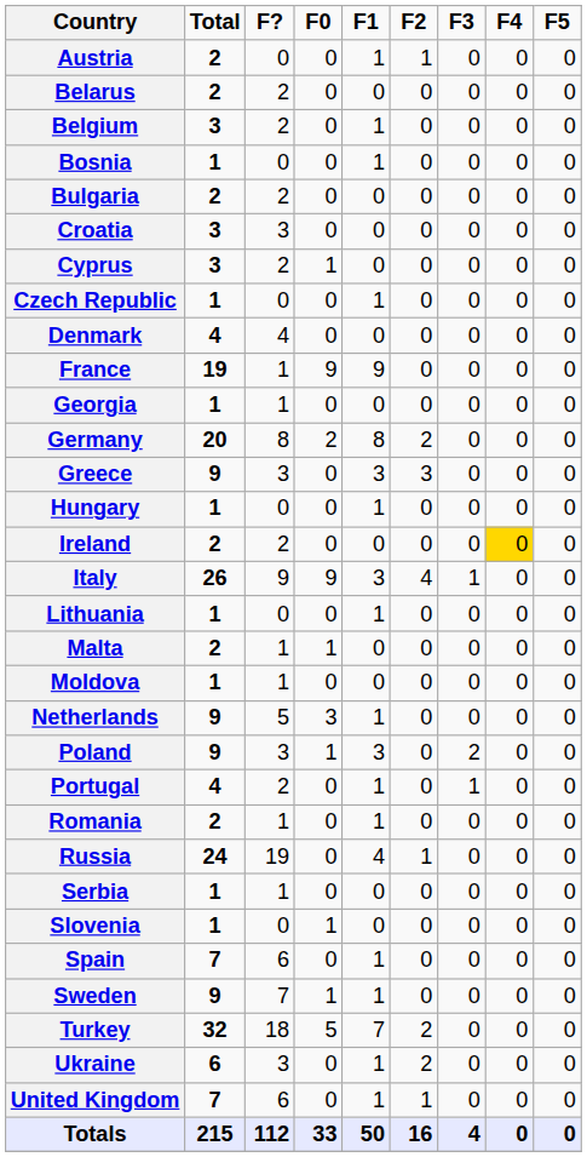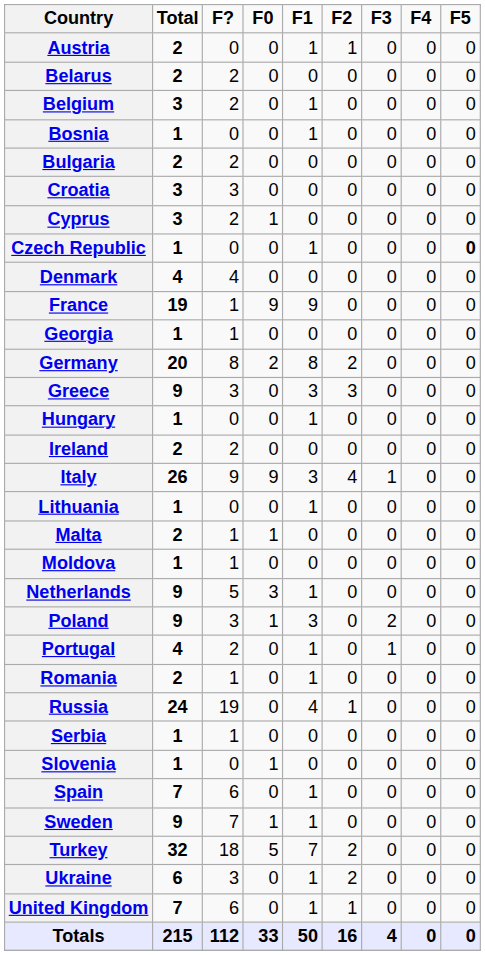 <table class="wikitable" align="center">
 <tr>
 <th><strong>Country</strong></th>
 <td><strong>Total</strong></td>
 <td><strong> F? </strong></td>
 <td><strong> F0 </strong></td>
 <td><strong> F1 </strong></td>
 <td><strong> F2 </strong></td>
 <td><strong> F3 </strong></td>
 <td><strong> F4 </strong></td>
 <td><strong> F5 </strong></td>
 </tr>
 <tr>
 <th><a href='#'>Austria</a></th>
 <td align="center"><strong>2</strong></td>
 <td align="right">0</td>
 <td align="right">0</td>
 <td align="right">1</td>
 <td align="right">1</td>
 <td align="right">0</td>
 <td align="right">0</td>
 <td align="right">0</td>
 </tr>
 <tr>
 <th><a href='#'>Belarus</a></th>
 <td align="center"><strong>2</strong></td>
 <td align="right">2</td>
 <td align="right">0</td>
 <td align="right">0</td>
 <td align="right">0</td>
 <td align="right">0</td>
 <td align="right">0</td>
 <td align="right">0</td>
 </tr>
 <tr>
 <th><a href='#'>Belgium</a></th>
 <td align="center"><strong>3</strong></td>
 <td align="right">2</td>
 <td align="right">0</td>
 <td align="right">1</td>
 <td align="right">0</td>
 <td align="right">0</td>
 <td align="right">0</td>
 <td align="right">0</td>
 </tr>
 <tr>
 <th><a href='#'>Bosnia</a></th>
 <td align="center"><strong>1</strong></td>
 <td align="right">0</td>
 <td align="right">0</td>
 <td align="right">1</td>
 <td align="right">0</td>
 <td align="right">0</td>
 <td align="right">0</td>
 <td align="right">0</td>
 </tr>
 <tr>
 <th><a href='#'>Bulgaria</a></th>
 <td align="center"><strong>2</strong></td>
 <td align="right">2</td>
 <td align="right">0</td>
 <td align="right">0</td>
 <td align="right">0</td>
 <td align="right">0</td>
 <td align="right">0</td>
 <td align="right">0</td>
 </tr>
 <tr>
 <th><a href='#'>Croatia</a></th>
 <td align="center"><strong>3</strong></td>
 <td align="right">3</td>
 <td align="right">0</td>
 <td align="right">0</td>
 <td align="right">0</td>
 <td align="right">0</td>
 <td align="right">0</td>
 <td align="right">0</td>
 </tr>
 <tr>
 <th><a href='#'>Cyprus</a></th>
 <td align="center"><strong>3</strong></td>
 <td align="right">2</td>
 <td align="right">1</td>
 <td align="right">0</td>
 <td align="right">0</td>
 <td align="right">0</td>
 <td align="right">0</td>
 <td align="right">0</td>
 </tr>
 <tr>
 <th><a href='#'>Czech Republic</a></th>
 <td align="center"><strong>1</strong></td>
 <td align="right">0</td>
 <td align="right">0</td>
 <td align="right">1</td>
 <td align="right">0</td>
 <td align="right">0</td>
 <td align="right">0</td>
-<td align="right">0</td>
+<td align="right"><strong>0</strong></td>
 </tr>
 <tr>
 <th><a href='#'>Denmark</a></th>
 <td align="center"><strong>4</strong></td>
 <td align="right">4</td>
 <td align="right">0</td>
 <td align="right">0</td>
 <td align="right">0</td>
 <td align="right">0</td>
 <td align="right">0</td>
 <td align="right">0</td>
 </tr>
 <tr>
 <th><a href='#'>France</a></th>
 <td align="center"><strong>19</strong></td>
 <td align="right">1</td>
 <td align="right">9</td>
 <td align="right">9</td>
 <td align="right">0</td>
 <td align="right">0</td>
 <td align="right">0</td>
 <td align="right">0</td>
 </tr>
 <tr>
 <th><a href='#'>Georgia</a></th>
 <td align="center"><strong>1</strong></td>
 <td align="right">1</td>
 <td align="right">0</td>
 <td align="right">0</td>
 <td align="right">0</td>
 <td align="right">0</td>
 <td align="right">0</td>
 <td align="right">0</td>
 </tr>
 <tr>
 <th><a href='#'>Germany</a></th>
 <td align="center"><strong>20</strong></td>
 <td align="right">8</td>
 <td align="right">2</td>
 <td align="right">8</td>
 <td align="right">2</td>
 <td align="right">0</td>
 <td align="right">0</td>
 <td align="right">0</td>
 </tr>
 <tr>
 <th><a href='#'>Greece</a></th>
 <td align="center"><strong>9</strong></td>
 <td align="right">3</td>
 <td align="right">0</td>
 <td align="right">3</td>
 <td align="right">3</td>
 <td align="right">0</td>
 <td align="right">0</td>
 <td align="right">0</td>
 </tr>
 <tr>
 <th><a href='#'>Hungary</a></th>
 <td align="center"><strong>1</strong></td>
 <td align="right">0</td>
 <td align="right">0</td>
 <td align="right">1</td>
 <td align="right">0</td>
 <td align="right">0</td>
 <td align="right">0</td>
 <td align="right">0</td>
 </tr>
 <tr>
 <th><a href='#'>Ireland</a></th>
 <td align="center"><strong>2</strong></td>
 <td align="right">2</td>
 <td align="right">0</td>
 <td align="right">0</td>
 <td align="right">0</td>
 <td align="right">0</td>
-<td align="right" style="background: gold;">0</td>
+<td align="right">0</td>
 <td align="right">0</td>
 </tr>
 <tr>
 <th><a href='#'>Italy</a></th>
 <td align="center"><strong>26</strong></td>
 <td align="right">9</td>
 <td align="right">9</td>
 <td align="right">3</td>
 <td align="right">4</td>
 <td align="right">1</td>
 <td align="right">0</td>
 <td align="right">0</td>
 </tr>
 <tr>
 <th><a href='#'>Lithuania</a></th>
 <td align="center"><strong>1</strong></td>
 <td align="right">0</td>
 <td align="right">0</td>
 <td align="right">1</td>
 <td align="right">0</td>
 <td align="right">0</td>
 <td align="right">0</td>
 <td align="right">0</td>
 </tr>
 <tr>
 <th><a href='#'>Malta</a></th>
 <td align="center"><strong>2</strong></td>
 <td align="right">1</td>
 <td align="right">1</td>
 <td align="right">0</td>
 <td align="right">0</td>
 <td align="right">0</td>
 <td align="right">0</td>
 <td align="right">0</td>
 </tr>
 <tr>
 <th><a href='#'>Moldova</a></th>
 <td align="center"><strong>1</strong></td>
 <td align="right">1</td>
 <td align="right">0</td>
 <td align="right">0</td>
 <td align="right">0</td>
 <td align="right">0</td>
 <td align="right">0</td>
 <td align="right">0</td>
 </tr>
 <tr>
 <th><a href='#'>Netherlands</a></th>
 <td align="center"><strong>9</strong></td>
 <td align="right">5</td>
 <td align="right">3</td>
 <td align="right">1</td>
 <td align="right">0</td>
 <td align="right">0</td>
 <td align="right">0</td>
 <td align="right">0</td>
 </tr>
 <tr>
 <th><a href='#'>Poland</a></th>
 <td align="center"><strong>9</strong></td>
 <td align="right">3</td>
 <td align="right">1</td>
 <td align="right">3</td>
 <td align="right">0</td>
 <td align="right">2</td>
 <td align="right">0</td>
 <td align="right">0</td>
 </tr>
 <tr>
 <th><a href='#'>Portugal</a></th>
 <td align="center"><strong>4</strong></td>
 <td align="right">2</td>
 <td align="right">0</td>
 <td align="right">1</td>
 <td align="right">0</td>
 <td align="right">1</td>
 <td align="right">0</td>
 <td align="right">0</td>
 </tr>
 <tr>
 <th><a href='#'>Romania</a></th>
 <td align="center"><strong>2</strong></td>
 <td align="right">1</td>
 <td align="right">0</td>
 <td align="right">1</td>
 <td align="right">0</td>
 <td align="right">0</td>
 <td align="right">0</td>
 <td align="right">0</td>
 </tr>
 <tr>
 <th><a href='#'>Russia</a></th>
 <td align="center"><strong>24</strong></td>
 <td align="right">19</td>
 <td align="right">0</td>
 <td align="right">4</td>
 <td align="right">1</td>
 <td align="right">0</td>
 <td align="right">0</td>
 <td align="right">0</td>
 </tr>
 <tr>
 <th><a href='#'>Serbia</a></th>
 <td align="center"><strong>1</strong></td>
 <td align="right">1</td>
 <td align="right">0</td>
 <td align="right">0</td>
 <td align="right">0</td>
 <td align="right">0</td>
 <td align="right">0</td>
 <td align="right">0</td>
 </tr>
 <tr>
 <th><a href='#'>Slovenia</a></th>
 <td align="center"><strong>1</strong></td>
 <td align="right">0</td>
 <td align="right">1</td>
 <td align="right">0</td>
 <td align="right">0</td>
 <td align="right">0</td>
 <td align="right">0</td>
 <td align="right">0</td>
 </tr>
 <tr>
 <th><a href='#'>Spain</a></th>
 <td align="center"><strong>7</strong></td>
 <td align="right">6</td>
 <td align="right">0</td>
 <td align="right">1</td>
 <td align="right">0</td>
 <td align="right">0</td>
 <td align="right">0</td>
 <td align="right">0</td>
 </tr>
 <tr>
 <th><a href='#'>Sweden</a></th>
 <td align="center"><strong>9</strong></td>
 <td align="right">7</td>
 <td align="right">1</td>
 <td align="right">1</td>
 <td align="right">0</td>
 <td align="right">0</td>
 <td align="right">0</td>
 <td align="right">0</td>
 </tr>
 <tr>
 <th><a href='#'>Turkey</a></th>
 <td align="center"><strong>32</strong></td>
 <td align="right">18</td>
 <td align="right">5</td>
 <td align="right">7</td>
 <td align="right">2</td>
 <td align="right">0</td>
 <td align="right">0</td>
 <td align="right">0</td>
 </tr>
 <tr>
 <th><a href='#'>Ukraine</a></th>
 <td align="center"><strong>6</strong></td>
 <td align="right">3</td>
 <td align="right">0</td>
 <td align="right">1</td>
 <td align="right">2</td>
 <td align="right">0</td>
 <td align="right">0</td>
 <td align="right">0</td>
 </tr>
 <tr>
 <th><a href='#'>United Kingdom</a></th>
 <td align="center"><strong>7</strong></td>
 <td align="right">6</td>
 <td align="right">0</td>
 <td align="right">1</td>
 <td align="right">1</td>
 <td align="right">0</td>
 <td align="right">0</td>
 <td align="right">0</td>
 </tr>
 <tr>
 <td bgcolor="#e6e9ff" align="center"><strong>Totals</strong></td>
 <td bgcolor="#e6e9ff" align="center"><strong>215</strong> </td>
 <td bgcolor="#e6e9ff" align="right"><strong>112</strong> </td>
 <td bgcolor="#e6e9ff" align="right"><strong>33</strong> </td>
 <td bgcolor="#e6e9ff" align="right"><strong>50</strong> </td>
 <td bgcolor="#e6e9ff" align="right"><strong>16</strong> </td>
 <td bgcolor="#e6e9ff" align="right"><strong>4</strong> </td>
 <td bgcolor="#e6e9ff" align="right"><strong>0</strong> </td>
 <td bgcolor="#e6e9ff" align="right"><strong>0</strong> </td>
 </tr>
 <tr>
 </tr>
 </table>
